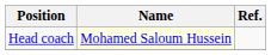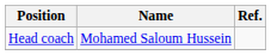 <table class="wikitable">
 <tr>
 <th>Position</th>
 <th>Name</th>
 <th>Ref.</th>
 </tr>
 <tr>
 <td><a href='#'>Head coach</a></td>
-<td style="background: lightyellow;"><a href='#'>Mohamed Saloum Hussein</a></td>
+<td><a href='#'>Mohamed Saloum Hussein</a></td>
 <td></td>
 </tr>
 <tr>
 </tr>
 </table>
